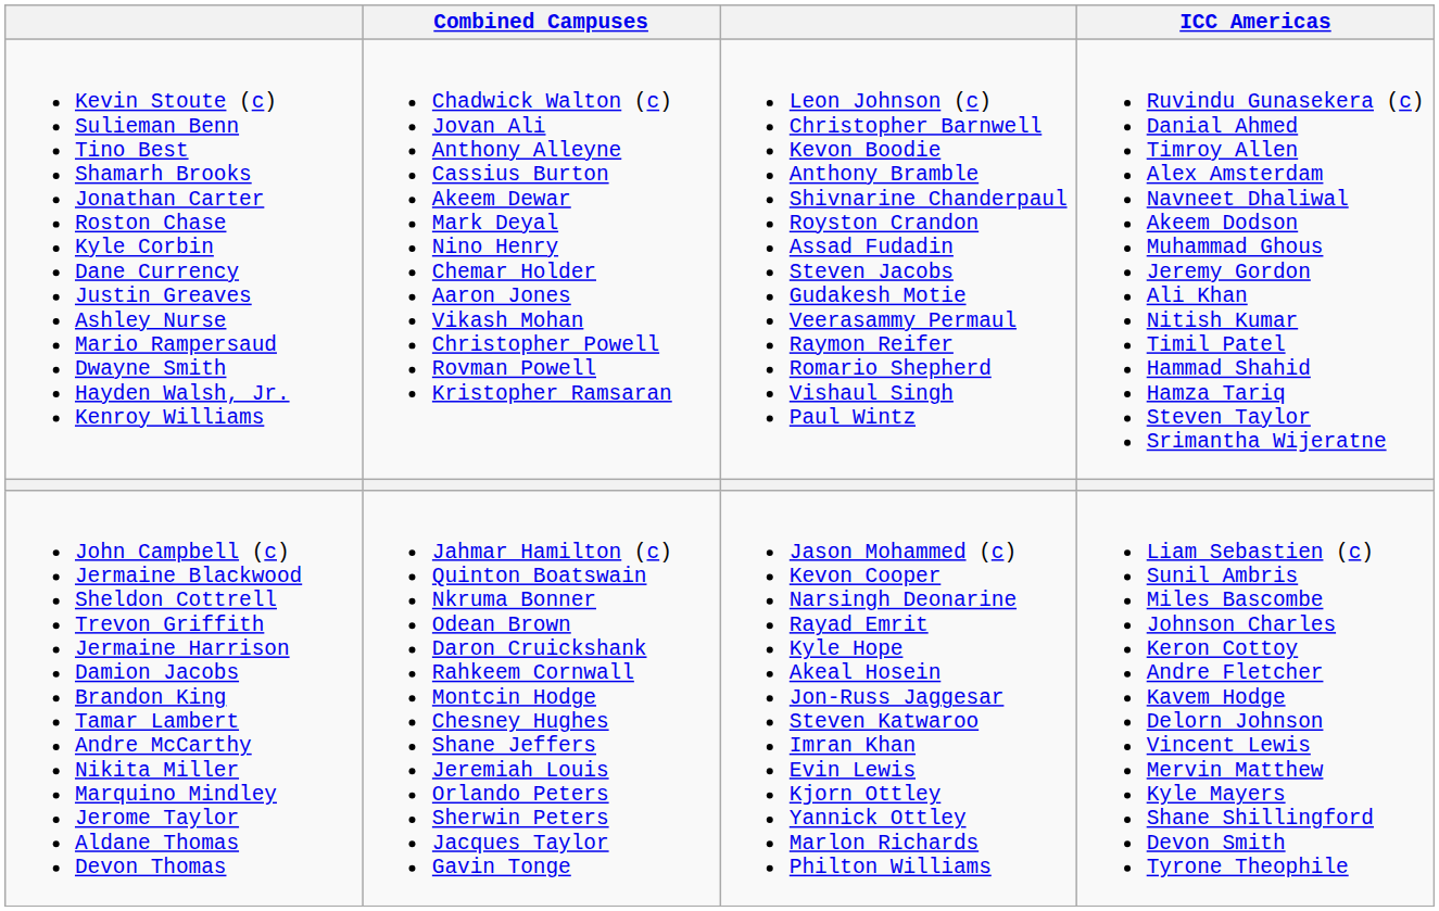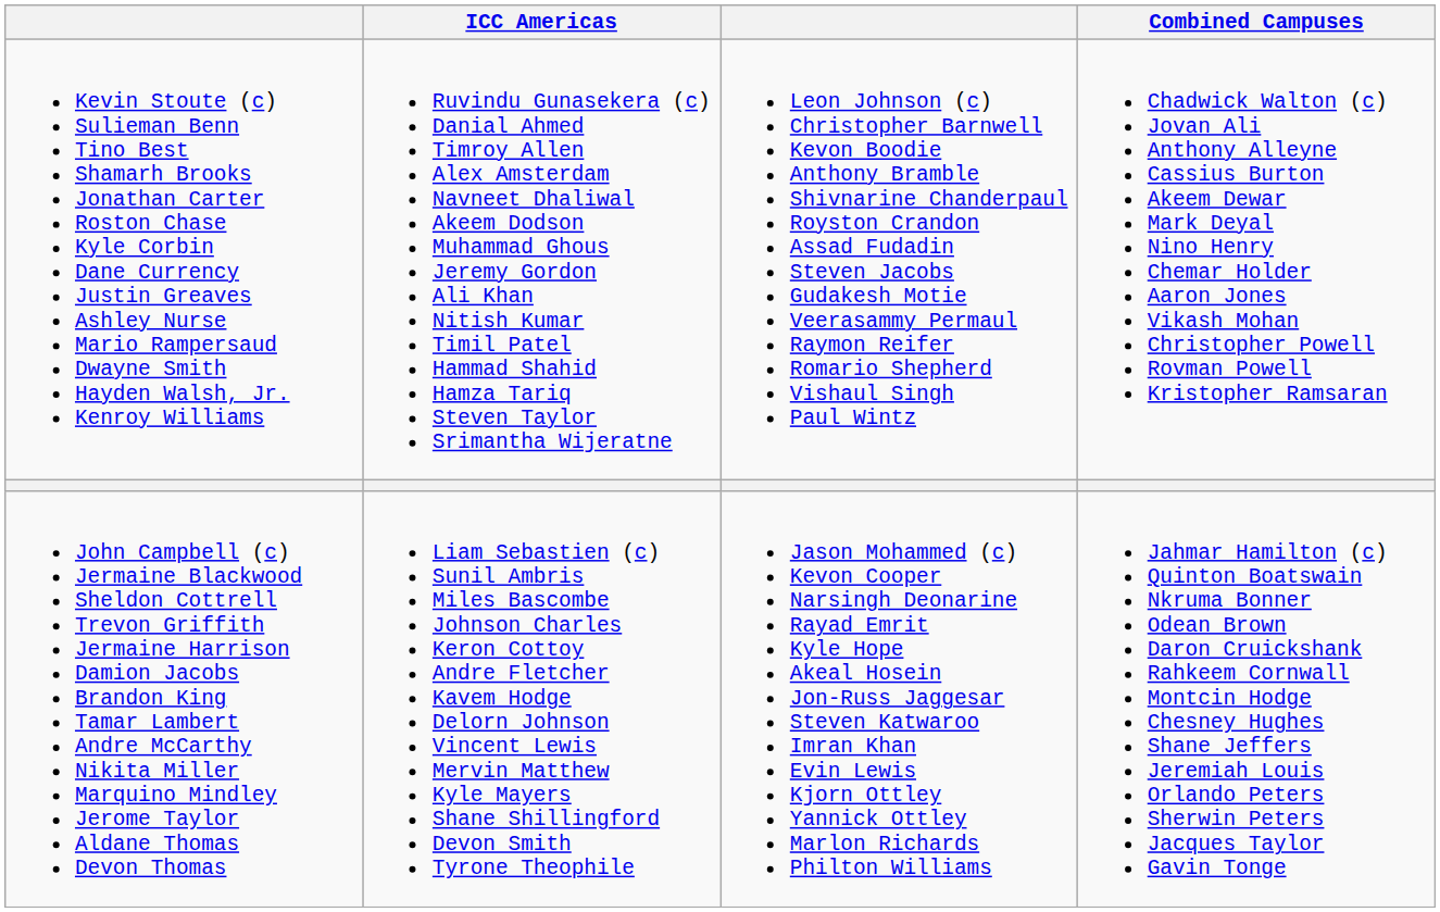 <table class="wikitable" width="100%">
 <tr>
 <th width=25%></th>
+<th width=25%> <a href='#'>ICC Americas</a></th>
+<th width=25%></th>
 <th width=25%> <a href='#'>Combined Campuses</a></th>
-<th width=25%></th>
-<th width=25%> <a href='#'>ICC Americas</a></th>
 </tr>
 <tr>
 <td valign=top><br><ul><li><a href='#'>Kevin Stoute</a> (<a href='#'>c</a>)</li><li><a href='#'>Sulieman Benn</a></li><li><a href='#'>Tino Best</a></li><li><a href='#'>Shamarh Brooks</a></li><li><a href='#'>Jonathan Carter</a></li><li><a href='#'>Roston Chase</a></li><li><a href='#'>Kyle Corbin</a></li><li><a href='#'>Dane Currency</a></li><li><a href='#'>Justin Greaves</a></li><li><a href='#'>Ashley Nurse</a></li><li><a href='#'>Mario Rampersaud</a></li><li><a href='#'>Dwayne Smith</a></li><li><a href='#'>Hayden Walsh, Jr.</a></li><li><a href='#'>Kenroy Williams</a></li></ul></td>
+<td valign=top><br><ul><li><a href='#'>Ruvindu Gunasekera</a> (<a href='#'>c</a>)</li><li><a href='#'>Danial Ahmed</a></li><li><a href='#'>Timroy Allen</a></li><li><a href='#'>Alex Amsterdam</a></li><li><a href='#'>Navneet Dhaliwal</a></li><li><a href='#'>Akeem Dodson</a></li><li><a href='#'>Muhammad Ghous</a></li><li><a href='#'>Jeremy Gordon</a></li><li><a href='#'>Ali Khan</a></li><li><a href='#'>Nitish Kumar</a></li><li><a href='#'>Timil Patel</a></li><li><a href='#'>Hammad Shahid</a></li><li><a href='#'>Hamza Tariq</a></li><li><a href='#'>Steven Taylor</a></li><li><a href='#'>Srimantha Wijeratne</a></li></ul></td>
+<td valign=top><br><ul><li><a href='#'>Leon Johnson</a> (<a href='#'>c</a>)</li><li><a href='#'>Christopher Barnwell</a></li><li><a href='#'>Kevon Boodie</a></li><li><a href='#'>Anthony Bramble</a></li><li><a href='#'>Shivnarine Chanderpaul</a></li><li><a href='#'>Royston Crandon</a></li><li><a href='#'>Assad Fudadin</a></li><li><a href='#'>Steven Jacobs</a></li><li><a href='#'>Gudakesh Motie</a></li><li><a href='#'>Veerasammy Permaul</a></li><li><a href='#'>Raymon Reifer</a></li><li><a href='#'>Romario Shepherd</a></li><li><a href='#'>Vishaul Singh</a></li><li><a href='#'>Paul Wintz</a></li></ul></td>
 <td valign=top><br><ul><li><a href='#'>Chadwick Walton</a> (<a href='#'>c</a>)</li><li><a href='#'>Jovan Ali</a></li><li><a href='#'>Anthony Alleyne</a></li><li><a href='#'>Cassius Burton</a></li><li><a href='#'>Akeem Dewar</a></li><li><a href='#'>Mark Deyal</a></li><li><a href='#'>Nino Henry</a></li><li><a href='#'>Chemar Holder</a></li><li><a href='#'>Aaron Jones</a></li><li><a href='#'>Vikash Mohan</a></li><li><a href='#'>Christopher Powell</a></li><li><a href='#'>Rovman Powell</a></li><li><a href='#'>Kristopher Ramsaran</a></li></ul></td>
-<td valign=top><br><ul><li><a href='#'>Leon Johnson</a> (<a href='#'>c</a>)</li><li><a href='#'>Christopher Barnwell</a></li><li><a href='#'>Kevon Boodie</a></li><li><a href='#'>Anthony Bramble</a></li><li><a href='#'>Shivnarine Chanderpaul</a></li><li><a href='#'>Royston Crandon</a></li><li><a href='#'>Assad Fudadin</a></li><li><a href='#'>Steven Jacobs</a></li><li><a href='#'>Gudakesh Motie</a></li><li><a href='#'>Veerasammy Permaul</a></li><li><a href='#'>Raymon Reifer</a></li><li><a href='#'>Romario Shepherd</a></li><li><a href='#'>Vishaul Singh</a></li><li><a href='#'>Paul Wintz</a></li></ul></td>
-<td valign=top><br><ul><li><a href='#'>Ruvindu Gunasekera</a> (<a href='#'>c</a>)</li><li><a href='#'>Danial Ahmed</a></li><li><a href='#'>Timroy Allen</a></li><li><a href='#'>Alex Amsterdam</a></li><li><a href='#'>Navneet Dhaliwal</a></li><li><a href='#'>Akeem Dodson</a></li><li><a href='#'>Muhammad Ghous</a></li><li><a href='#'>Jeremy Gordon</a></li><li><a href='#'>Ali Khan</a></li><li><a href='#'>Nitish Kumar</a></li><li><a href='#'>Timil Patel</a></li><li><a href='#'>Hammad Shahid</a></li><li><a href='#'>Hamza Tariq</a></li><li><a href='#'>Steven Taylor</a></li><li><a href='#'>Srimantha Wijeratne</a></li></ul></td>
 </tr>
 <tr>
 <th width=25%></th>
 <th width=25%></th>
 <th width=25%></th>
 <th width=25%></th>
 </tr>
 <tr>
 <td valign=top><br><ul><li><a href='#'>John Campbell</a> (<a href='#'>c</a>)</li><li><a href='#'>Jermaine Blackwood</a></li><li><a href='#'>Sheldon Cottrell</a></li><li><a href='#'>Trevon Griffith</a></li><li><a href='#'>Jermaine Harrison</a></li><li><a href='#'>Damion Jacobs</a></li><li><a href='#'>Brandon King</a></li><li><a href='#'>Tamar Lambert</a></li><li><a href='#'>Andre McCarthy</a></li><li><a href='#'>Nikita Miller</a></li><li><a href='#'>Marquino Mindley</a></li><li><a href='#'>Jerome Taylor</a></li><li><a href='#'>Aldane Thomas</a></li><li><a href='#'>Devon Thomas</a></li></ul></td>
+<td valign=top><br><ul><li><a href='#'>Liam Sebastien</a> (<a href='#'>c</a>)</li><li><a href='#'>Sunil Ambris</a></li><li><a href='#'>Miles Bascombe</a></li><li><a href='#'>Johnson Charles</a></li><li><a href='#'>Keron Cottoy</a></li><li><a href='#'>Andre Fletcher</a></li><li><a href='#'>Kavem Hodge</a></li><li><a href='#'>Delorn Johnson</a></li><li><a href='#'>Vincent Lewis</a></li><li><a href='#'>Mervin Matthew</a></li><li><a href='#'>Kyle Mayers</a></li><li><a href='#'>Shane Shillingford</a></li><li><a href='#'>Devon Smith</a></li><li><a href='#'>Tyrone Theophile</a></li></ul></td>
+<td valign=top><br><ul><li><a href='#'>Jason Mohammed</a> (<a href='#'>c</a>)</li><li><a href='#'>Kevon Cooper</a></li><li><a href='#'>Narsingh Deonarine</a></li><li><a href='#'>Rayad Emrit</a></li><li><a href='#'>Kyle Hope</a></li><li><a href='#'>Akeal Hosein</a></li><li><a href='#'>Jon-Russ Jaggesar</a></li><li><a href='#'>Steven Katwaroo</a></li><li><a href='#'>Imran Khan</a></li><li><a href='#'>Evin Lewis</a></li><li><a href='#'>Kjorn Ottley</a></li><li><a href='#'>Yannick Ottley</a></li><li><a href='#'>Marlon Richards</a></li><li><a href='#'>Philton Williams</a></li></ul></td>
 <td valign=top><br><ul><li><a href='#'>Jahmar Hamilton</a> (<a href='#'>c</a>)</li><li><a href='#'>Quinton Boatswain</a></li><li><a href='#'>Nkruma Bonner</a></li><li><a href='#'>Odean Brown</a></li><li><a href='#'>Daron Cruickshank</a></li><li><a href='#'>Rahkeem Cornwall</a></li><li><a href='#'>Montcin Hodge</a></li><li><a href='#'>Chesney Hughes</a></li><li><a href='#'>Shane Jeffers</a></li><li><a href='#'>Jeremiah Louis</a></li><li><a href='#'>Orlando Peters</a></li><li><a href='#'>Sherwin Peters</a></li><li><a href='#'>Jacques Taylor</a></li><li><a href='#'>Gavin Tonge</a></li></ul></td>
-<td valign=top><br><ul><li><a href='#'>Jason Mohammed</a> (<a href='#'>c</a>)</li><li><a href='#'>Kevon Cooper</a></li><li><a href='#'>Narsingh Deonarine</a></li><li><a href='#'>Rayad Emrit</a></li><li><a href='#'>Kyle Hope</a></li><li><a href='#'>Akeal Hosein</a></li><li><a href='#'>Jon-Russ Jaggesar</a></li><li><a href='#'>Steven Katwaroo</a></li><li><a href='#'>Imran Khan</a></li><li><a href='#'>Evin Lewis</a></li><li><a href='#'>Kjorn Ottley</a></li><li><a href='#'>Yannick Ottley</a></li><li><a href='#'>Marlon Richards</a></li><li><a href='#'>Philton Williams</a></li></ul></td>
-<td valign=top><br><ul><li><a href='#'>Liam Sebastien</a> (<a href='#'>c</a>)</li><li><a href='#'>Sunil Ambris</a></li><li><a href='#'>Miles Bascombe</a></li><li><a href='#'>Johnson Charles</a></li><li><a href='#'>Keron Cottoy</a></li><li><a href='#'>Andre Fletcher</a></li><li><a href='#'>Kavem Hodge</a></li><li><a href='#'>Delorn Johnson</a></li><li><a href='#'>Vincent Lewis</a></li><li><a href='#'>Mervin Matthew</a></li><li><a href='#'>Kyle Mayers</a></li><li><a href='#'>Shane Shillingford</a></li><li><a href='#'>Devon Smith</a></li><li><a href='#'>Tyrone Theophile</a></li></ul></td>
 </tr>
 </table>
